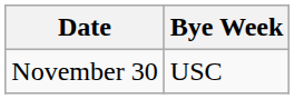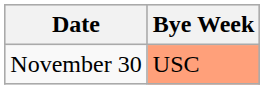 <table class="wikitable" style="font-size:95%;">
 <tr>
 <th>Date</th>
 <th colspan="1">Bye Week</th>
 </tr>
 <tr>
 <td>November 30</td>
-<td>USC</td>
+<td style="background: lightsalmon;">USC</td>
 </tr>
 </table>
